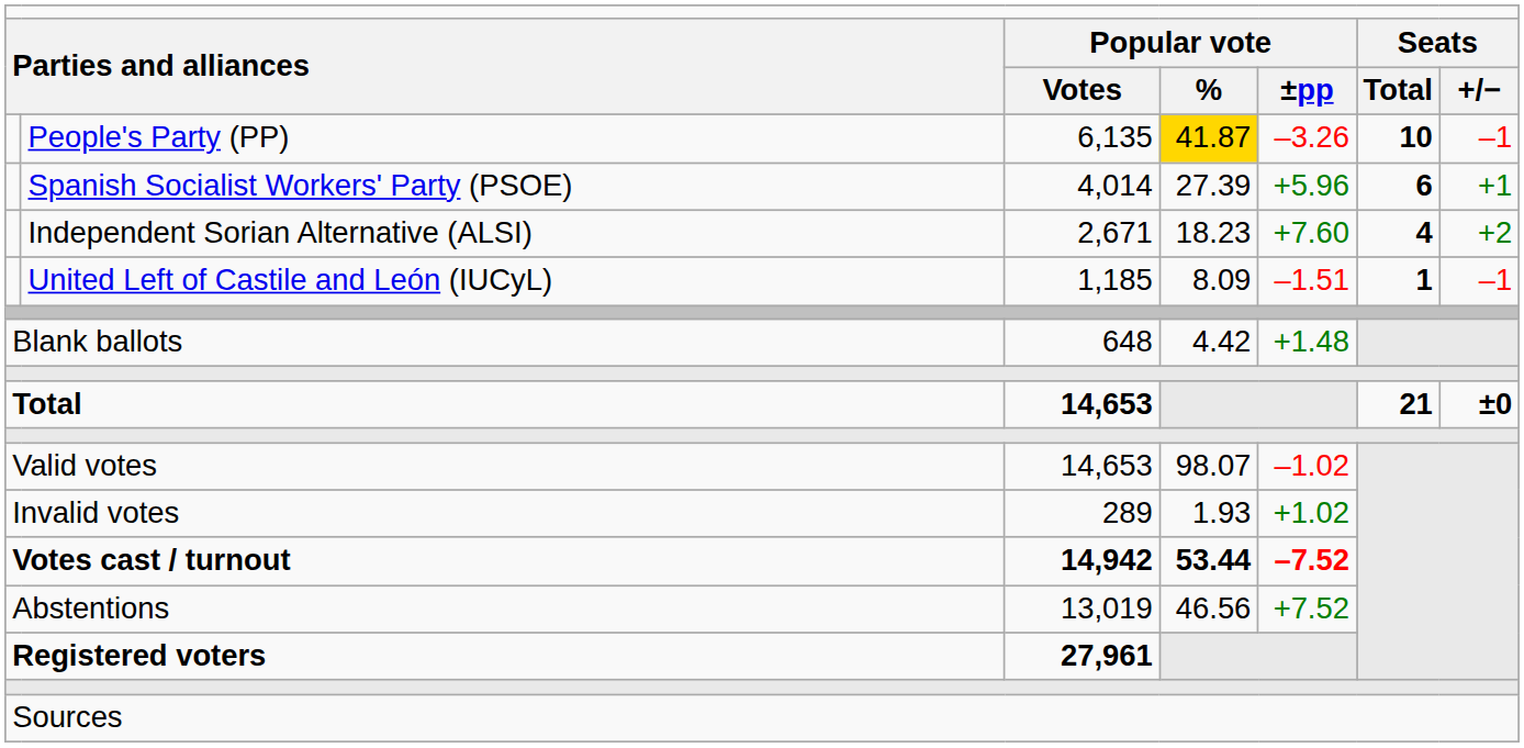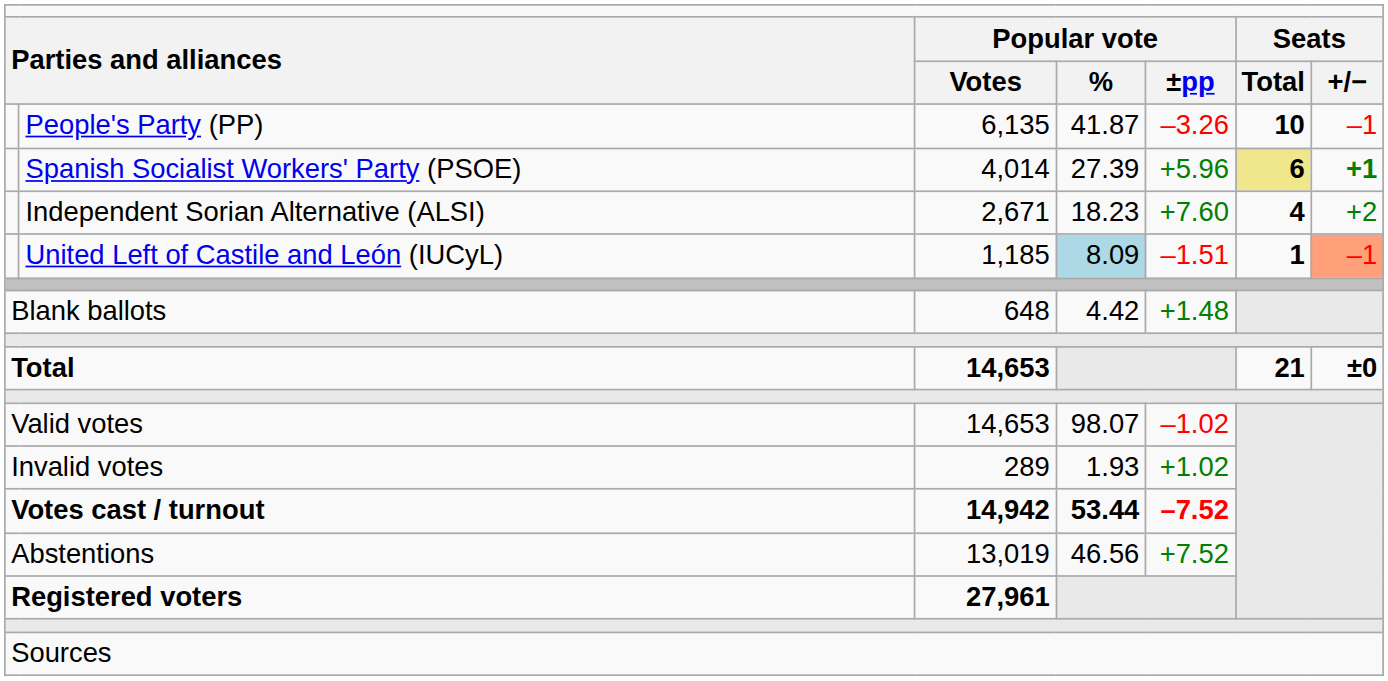 <table class="wikitable" style="text-align:right;">
 <tr>
 <td colspan="7"></td>
 </tr>
 <tr>
 <th style="text-align:left;" rowspan="2" colspan="2" width="525">Parties and alliances</th>
 <th colspan="3">Popular vote</th>
 <th colspan="2">Seats</th>
 </tr>
 <tr>
 <th width="75">Votes</th>
 <th width="45">%</th>
 <th width="45">±<a href='#'>pp</a></th>
 <th width="35">Total</th>
 <th width="35">+/−</th>
 </tr>
 <tr>
 <td width="1" style="color:inherit;background:"></td>
 <td align="left"><a href='#'>People's Party</a> (PP)</td>
 <td>6,135</td>
-<td style="background: gold;">41.87</td>
+<td>41.87</td>
 <td style="color:red;">–3.26</td>
 <td><strong>10</strong></td>
 <td style="color:red;">–1</td>
 </tr>
 <tr>
 <td style="color:inherit;background:"></td>
 <td align="left"><a href='#'>Spanish Socialist Workers' Party</a> (PSOE)</td>
 <td>4,014</td>
 <td>27.39</td>
 <td style="color:green;">+5.96</td>
-<td><strong>6</strong></td>
-<td style="color:green;">+1</td>
+<td style="background: khaki;"><strong>6</strong></td>
+<td style="color:green;"><strong>+1</strong></td>
 </tr>
 <tr>
 <td style="color:inherit;background:"></td>
 <td align="left">Independent Sorian Alternative (ALSI)</td>
 <td>2,671</td>
 <td>18.23</td>
 <td style="color:green;">+7.60</td>
 <td><strong>4</strong></td>
 <td style="color:green;">+2</td>
 </tr>
 <tr>
 <td style="color:inherit;background:"></td>
 <td align="left"><a href='#'>United Left of Castile and León</a> (IUCyL)</td>
 <td>1,185</td>
-<td>8.09</td>
+<td style="background: lightblue;">8.09</td>
 <td style="color:red;">–1.51</td>
 <td><strong>1</strong></td>
-<td style="color:red;">–1</td>
+<td style="background: lightsalmon; color:red;">–1</td>
 </tr>
 <tr>
 <td colspan="7" bgcolor="#C0C0C0"></td>
 </tr>
 <tr>
 <td align="left" colspan="2">Blank ballots</td>
 <td>648</td>
 <td>4.42</td>
 <td style="color:green;">+1.48</td>
 <td bgcolor="#E9E9E9" colspan="2"></td>
 </tr>
 <tr>
 <td colspan="7" bgcolor="#E9E9E9"></td>
 </tr>
 <tr style="font-weight:bold;">
 <td align="left" colspan="2">Total</td>
 <td>14,653</td>
 <td bgcolor="#E9E9E9" colspan="2"></td>
 <td>21</td>
 <td>±0</td>
 </tr>
 <tr>
 <td colspan="7" bgcolor="#E9E9E9"></td>
 </tr>
 <tr>
 <td align="left" colspan="2">Valid votes</td>
 <td>14,653</td>
 <td>98.07</td>
 <td style="color:red;">–1.02</td>
 <td bgcolor="#E9E9E9" colspan="2" rowspan="5"></td>
 </tr>
 <tr>
 <td align="left" colspan="2">Invalid votes</td>
 <td>289</td>
 <td>1.93</td>
 <td style="color:green;">+1.02</td>
 </tr>
 <tr style="font-weight:bold;">
 <td align="left" colspan="2">Votes cast / turnout</td>
 <td>14,942</td>
 <td>53.44</td>
 <td style="color:red;">–7.52</td>
 </tr>
 <tr>
 <td align="left" colspan="2">Abstentions</td>
 <td>13,019</td>
 <td>46.56</td>
 <td style="color:green;">+7.52</td>
 </tr>
 <tr style="font-weight:bold;">
 <td align="left" colspan="2">Registered voters</td>
 <td>27,961</td>
 <td bgcolor="#E9E9E9" colspan="2"></td>
 </tr>
 <tr>
 <td colspan="7" bgcolor="#E9E9E9"></td>
 </tr>
 <tr>
 <td align="left" colspan="7">Sources</td>
 </tr>
 </table>
